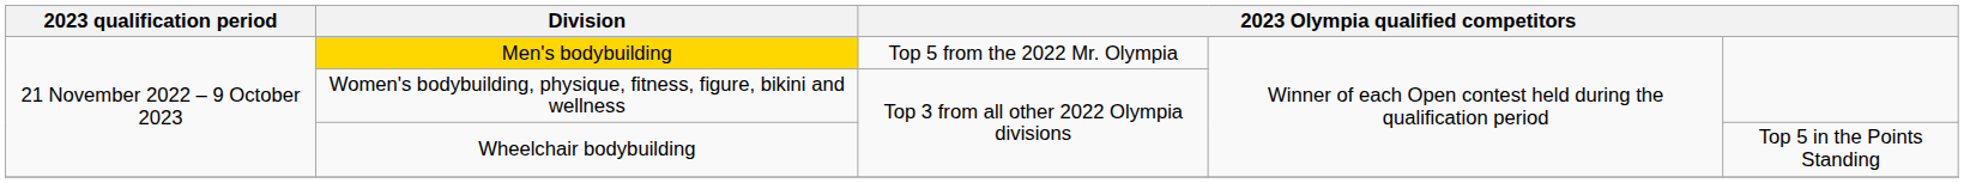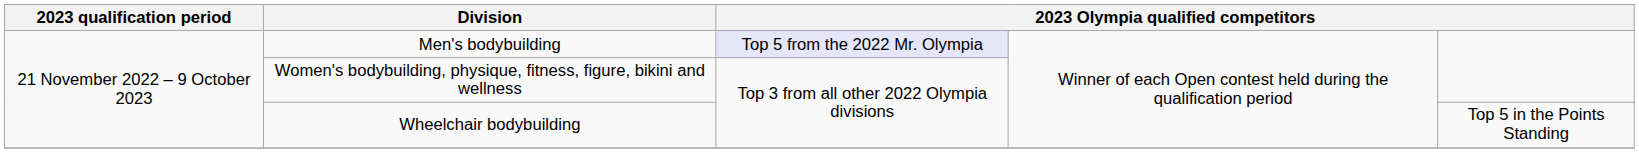 <table class="wikitable sortable" width="auto" style="text-align: center">
 <tr>
 <th>2023 qualification period</th>
 <th>Division</th>
 <th rowspan=1 colspan=3>2023 Olympia qualified competitors</th>
 </tr>
 <tr>
 <td rowspan=4 colspan=1>21 November 2022 – 9 October 2023</td>
-<td style="background: gold;">Men's bodybuilding</td>
-<td>Top 5 from the 2022 Mr. Olympia</td>
+<td>Men's bodybuilding</td>
+<td style="background: lavender;">Top 5 from the 2022 Mr. Olympia</td>
 <td rowspan=4 colspan=1>Winner of each Open contest held during the qualification period</td>
 </tr>
 <tr>
 <td>Women's bodybuilding, physique, fitness, figure, bikini and wellness</td>
 <td rowspan=3 colspan=1>Top 3 from all other 2022 Olympia divisions</td>
 </tr>
 <tr>
 <td rowspan=2 colspan=1>Wheelchair bodybuilding</td>
 </tr>
 <tr>
 <td>Top 5 in the Points Standing</td>
 </tr>
 <tr>
 </tr>
 </table>
